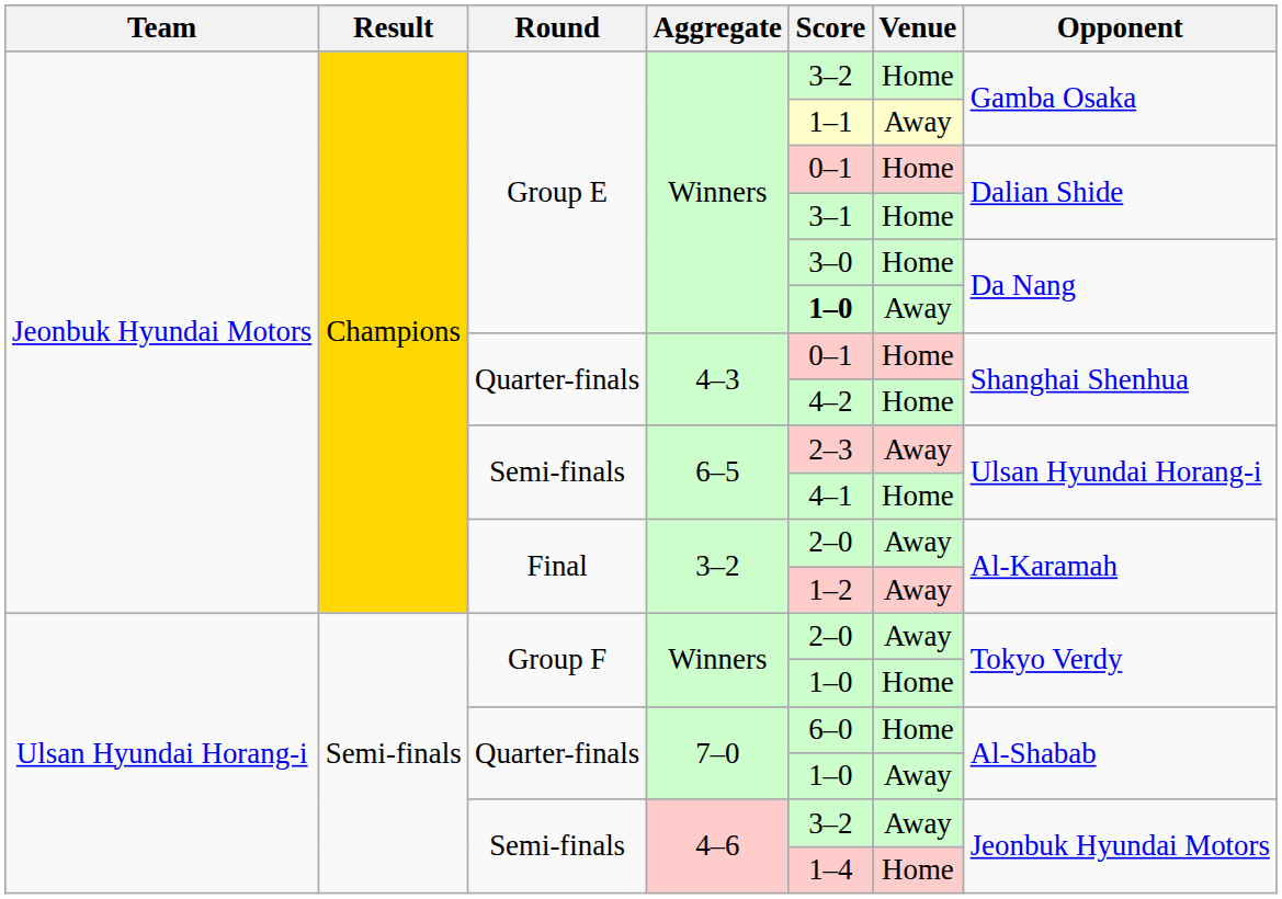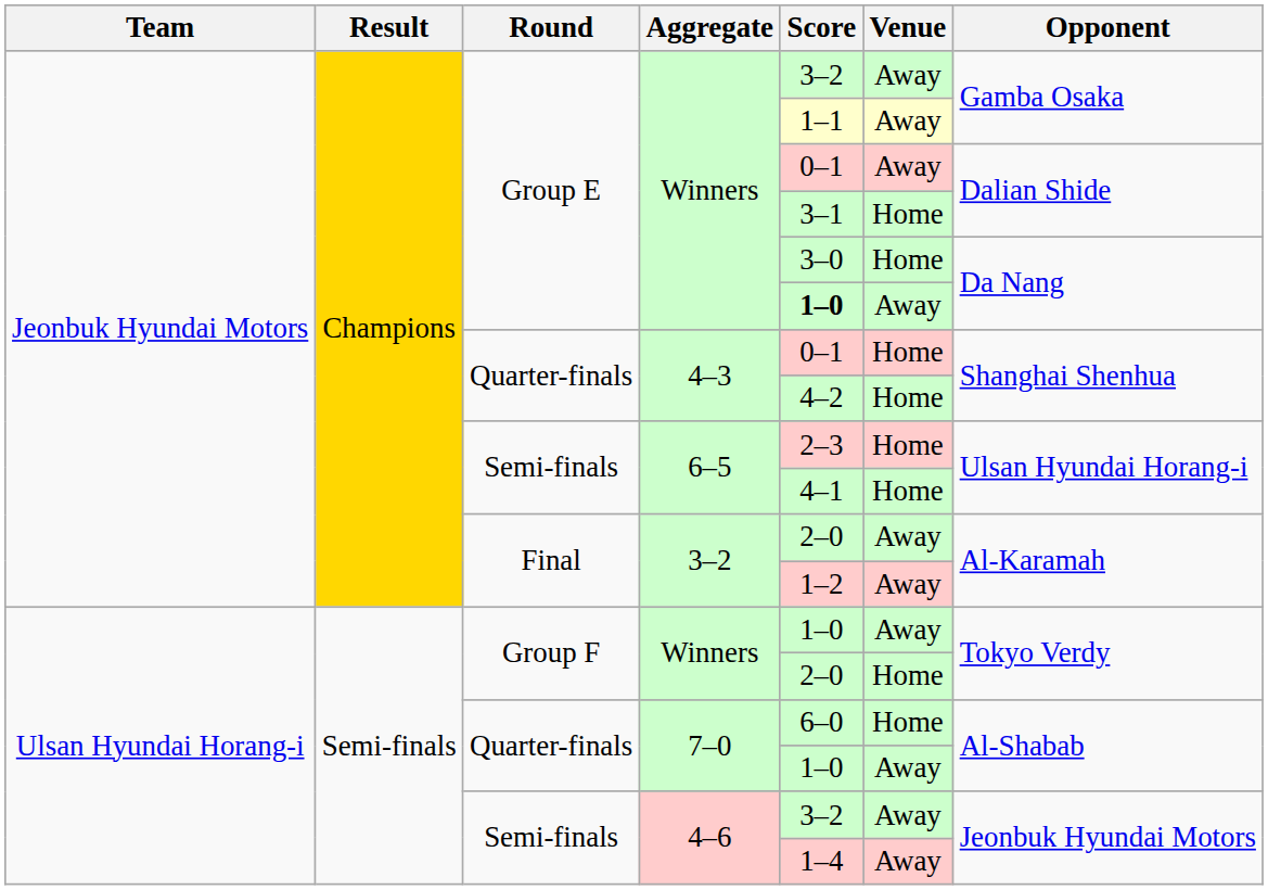 <table class="wikitable" style="text-align:center;">
 <tr>
 <th>Team</th>
 <th>Result</th>
 <th>Round</th>
 <th>Aggregate</th>
 <th>Score</th>
 <th>Venue</th>
 <th>Opponent</th>
 </tr>
 <tr>
 <td rowspan="12"><a href='#'>Jeonbuk Hyundai Motors</a></td>
 <td rowspan="12" bgcolor="gold">Champions</td>
 <td rowspan="6">Group E</td>
 <td rowspan="6" bgcolor="#cfc">Winners</td>
 <td bgcolor="#cfc">3–2</td>
-<td bgcolor="#cfc">Home</td>
+<td bgcolor="#cfc">Away</td>
 <td rowspan="2" align="left"> <a href='#'>Gamba Osaka</a></td>
 </tr>
 <tr>
 <td bgcolor="#ffc">1–1</td>
 <td bgcolor="#ffc">Away</td>
 </tr>
 <tr>
 <td bgcolor="#fcc">0–1</td>
-<td bgcolor="#fcc">Home</td>
+<td bgcolor="#fcc">Away</td>
 <td rowspan="2" align="left"> <a href='#'>Dalian Shide</a></td>
 </tr>
 <tr>
 <td bgcolor="#cfc">3–1</td>
 <td bgcolor="#cfc">Home</td>
 </tr>
 <tr>
 <td bgcolor="#cfc">3–0</td>
 <td bgcolor="#cfc">Home</td>
 <td rowspan="2" align="left"> <a href='#'>Da Nang</a></td>
 </tr>
 <tr>
 <td bgcolor="#cfc"><strong>1–0</strong></td>
 <td bgcolor="#cfc">Away</td>
 </tr>
 <tr>
 <td rowspan="2">Quarter-finals</td>
 <td rowspan="2" bgcolor="#cfc">4–3</td>
 <td bgcolor="#fcc">0–1</td>
 <td bgcolor="#fcc">Home</td>
 <td rowspan="2" align="left"> <a href='#'>Shanghai Shenhua</a></td>
 </tr>
 <tr>
 <td bgcolor="#cfc">4–2</td>
 <td bgcolor="#cfc">Home</td>
 </tr>
 <tr>
 <td rowspan="2">Semi-finals</td>
 <td rowspan="2" bgcolor="#cfc">6–5</td>
 <td bgcolor="#fcc">2–3</td>
-<td bgcolor="#fcc">Away</td>
+<td bgcolor="#fcc">Home</td>
 <td rowspan="2" align="left"> <a href='#'>Ulsan Hyundai Horang-i</a></td>
 </tr>
 <tr>
 <td bgcolor="#cfc">4–1</td>
 <td bgcolor="#cfc">Home</td>
 </tr>
 <tr>
 <td rowspan="2">Final</td>
 <td rowspan="2" bgcolor="#cfc">3–2</td>
 <td bgcolor="#cfc">2–0</td>
 <td bgcolor="#cfc">Away</td>
 <td rowspan="2" align="left"> <a href='#'>Al-Karamah</a></td>
 </tr>
 <tr>
 <td bgcolor="#fcc">1–2</td>
 <td bgcolor="#fcc">Away</td>
 </tr>
 <tr>
 <td rowspan="6"><a href='#'>Ulsan Hyundai Horang-i</a></td>
 <td rowspan="6">Semi-finals</td>
 <td rowspan="2">Group F</td>
 <td rowspan="2" bgcolor="#cfc">Winners</td>
-<td bgcolor="#cfc">2–0</td>
+<td bgcolor="#cfc">1–0</td>
 <td bgcolor="#cfc">Away</td>
 <td rowspan="2" align="left"> <a href='#'>Tokyo Verdy</a></td>
 </tr>
 <tr>
-<td bgcolor="#cfc">1–0</td>
+<td bgcolor="#cfc">2–0</td>
 <td bgcolor="#cfc">Home</td>
 </tr>
 <tr>
 <td rowspan="2">Quarter-finals</td>
 <td rowspan="2" bgcolor="#cfc">7–0</td>
 <td bgcolor="#cfc">6–0</td>
 <td bgcolor="#cfc">Home</td>
 <td rowspan="2" align="left"> <a href='#'>Al-Shabab</a></td>
 </tr>
 <tr>
 <td bgcolor="#cfc">1–0</td>
 <td bgcolor="#cfc">Away</td>
 </tr>
 <tr>
 <td rowspan="2">Semi-finals</td>
 <td rowspan="2" bgcolor="#fcc">4–6</td>
 <td bgcolor="#cfc">3–2</td>
 <td bgcolor="#cfc">Away</td>
 <td rowspan="2" align="left"> <a href='#'>Jeonbuk Hyundai Motors</a></td>
 </tr>
 <tr>
 <td bgcolor="#fcc">1–4</td>
-<td bgcolor="#fcc">Home</td>
+<td bgcolor="#fcc">Away</td>
 </tr>
 </table>
